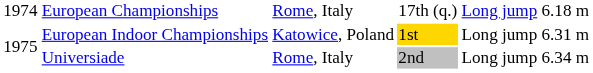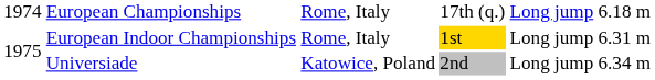 <table>
 <tr>
 <td>1974</td>
 <td><a href='#'>European Championships</a></td>
 <td><a href='#'>Rome</a>, Italy</td>
 <td>17th (q.)</td>
 <td><a href='#'>Long jump</a></td>
 <td>6.18 m</td>
 </tr>
 <tr>
 <td rowspan=2>1975</td>
 <td><a href='#'>European Indoor Championships</a></td>
-<td><a href='#'>Katowice</a>, Poland</td>
+<td><a href='#'>Rome</a>, Italy</td>
 <td bgcolor=gold>1st</td>
 <td>Long jump</td>
 <td>6.31 m</td>
 </tr>
 <tr>
 <td><a href='#'>Universiade</a></td>
-<td><a href='#'>Rome</a>, Italy</td>
+<td><a href='#'>Katowice</a>, Poland</td>
 <td bgcolor=silver>2nd</td>
 <td>Long jump</td>
 <td>6.34 m</td>
 </tr>
 </table>
